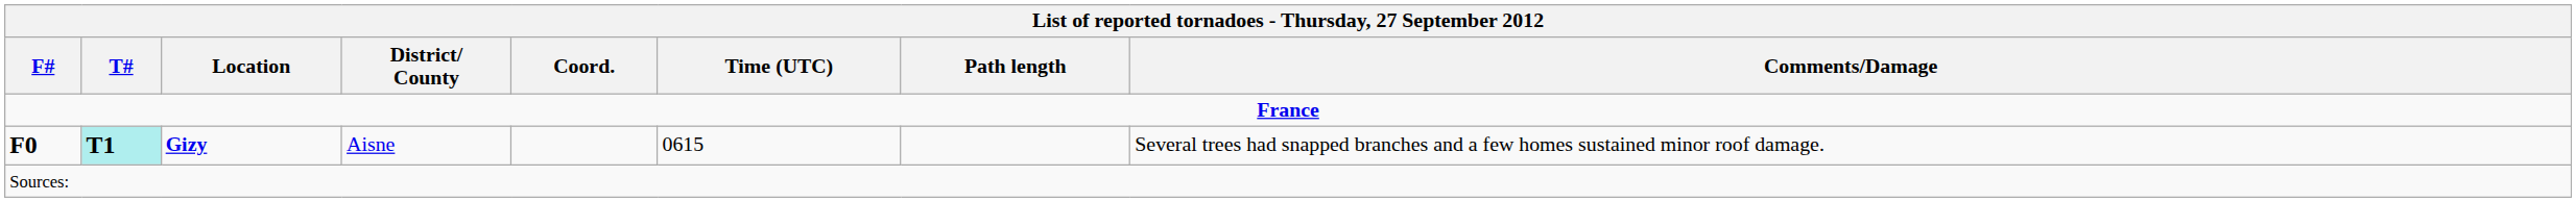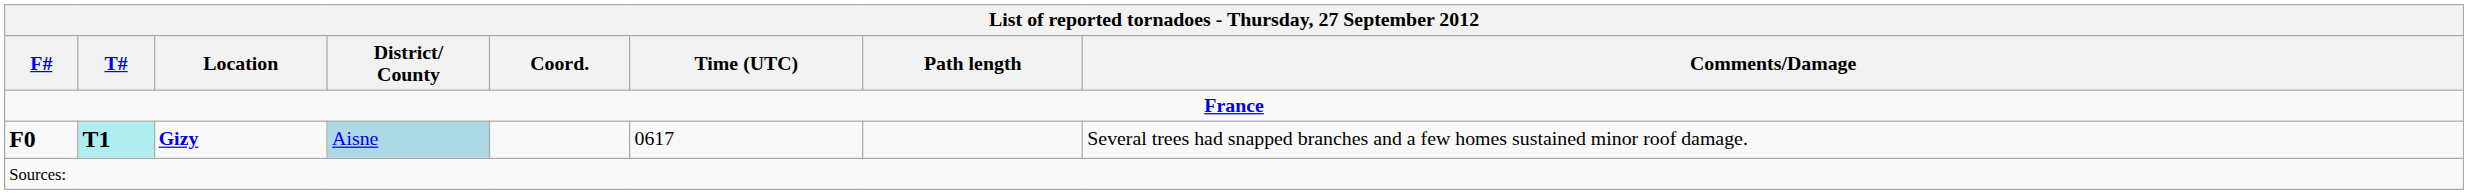 <table class="wikitable collapsible" width="100%">
 <tr>
 <th colspan="8">List of reported tornadoes - Thursday, 27 September 2012</th>
 </tr>
 <tr>
 <th><a href='#'>F#</a></th>
 <th><a href='#'>T#</a></th>
 <th>Location</th>
 <th>District/<br>County</th>
 <th>Coord.</th>
 <th>Time (UTC)</th>
 <th>Path length</th>
 <th>Comments/Damage</th>
 </tr>
 <tr>
 <td colspan="8" align=center><strong><a href='#'>France</a></strong></td>
 </tr>
 <tr>
 <td><big><strong>F0</strong></big></td>
 <td style="background: paleturquoise;"><big><strong>T1</strong></big></td>
 <td><strong><a href='#'>Gizy</a></strong></td>
-<td><a href='#'>Aisne</a></td>
+<td style="background: lightblue;"><a href='#'>Aisne</a></td>
 <td></td>
-<td>0615</td>
+<td>0617</td>
 <td></td>
 <td>Several trees had snapped branches and a few homes sustained minor roof damage.</td>
 </tr>
 <tr>
 <td colspan="8"><small>Sources:  </small></td>
 </tr>
 </table>
